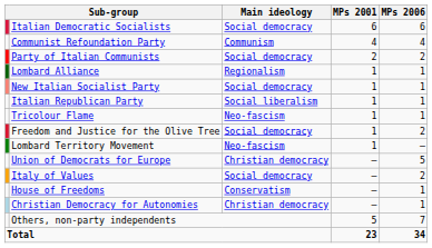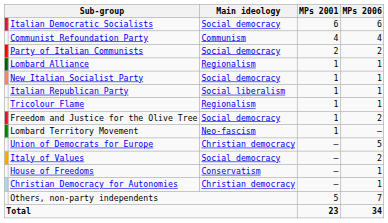 <table class="wikitable" style="font-size:100%">
 <tr>
 <th colspan=2>Sub-group</th>
 <th>Main ideology</th>
 <th>MPs 2001</th>
 <th>MPs 2006</th>
 </tr>
 <tr>
 <td bgcolor="#DC143C"></td>
 <td><a href='#'>Italian Democratic Socialists</a></td>
 <td><a href='#'>Social democracy</a></td>
 <td align=right>6</td>
 <td align=right>6</td>
 </tr>
 <tr>
 <td></td>
 <td><a href='#'>Communist Refoundation Party</a></td>
 <td><a href='#'>Communism</a></td>
 <td align=right>4</td>
 <td align=right>4</td>
 </tr>
 <tr>
 <td bgcolor="red"></td>
 <td><a href='#'>Party of Italian Communists</a></td>
 <td><a href='#'>Social democracy</a></td>
 <td align=right>2</td>
 <td align=right>2</td>
 </tr>
 <tr>
 <td bgcolor="#006000"></td>
 <td><a href='#'>Lombard Alliance</a></td>
 <td><a href='#'>Regionalism</a></td>
 <td align=right>1</td>
 <td align=right>1</td>
 </tr>
 <tr>
 <td bgcolor="salmon"></td>
 <td><a href='#'>New Italian Socialist Party</a></td>
 <td><a href='#'>Social democracy</a></td>
 <td align=right>1</td>
 <td align=right>1</td>
 </tr>
 <tr>
 <td></td>
 <td><a href='#'>Italian Republican Party</a></td>
 <td><a href='#'>Social liberalism</a></td>
 <td align=right>1</td>
 <td align=right>1</td>
 </tr>
 <tr>
 <td></td>
 <td><a href='#'>Tricolour Flame</a></td>
-<td><a href='#'>Neo-fascism</a></td>
+<td><a href='#'>Regionalism</a></td>
 <td align=right>1</td>
 <td align=right>1</td>
 </tr>
 <tr>
 <td bgcolor="#DC142F"></td>
 <td>Freedom and Justice for the Olive Tree</td>
 <td><a href='#'>Social democracy</a></td>
 <td align=right>1</td>
 <td align=right>2</td>
 </tr>
 <tr>
 <td bgcolor="#008000"></td>
 <td>Lombard Territory Movement</td>
 <td><a href='#'>Neo-fascism</a></td>
 <td align=right>1</td>
 <td align=right>–</td>
 </tr>
 <tr>
 <td></td>
 <td><a href='#'>Union of Democrats for Europe</a></td>
 <td><a href='#'>Christian democracy</a></td>
 <td align=right>–</td>
 <td align=right>5</td>
 </tr>
 <tr>
 <td bgcolor="orange"></td>
 <td><a href='#'>Italy of Values</a></td>
 <td><a href='#'>Social democracy</a></td>
 <td align=right>–</td>
 <td align=right>2</td>
 </tr>
 <tr>
 <td></td>
 <td><a href='#'>House of Freedoms</a></td>
 <td><a href='#'>Conservatism</a></td>
 <td align=right>–</td>
 <td align=right>1</td>
 </tr>
 <tr>
 <td bgcolor="lightblue"></td>
 <td><a href='#'>Christian Democracy for Autonomies</a></td>
 <td><a href='#'>Christian democracy</a></td>
 <td align=right>–</td>
 <td align=right>1</td>
 </tr>
 <tr>
 <td></td>
 <td colspan=2>Others, non-party independents</td>
 <td align=right>5</td>
 <td align=right>7</td>
 </tr>
 <tr>
 <td colspan=3><strong>Total</strong></td>
 <td align=right><strong>23</strong></td>
 <td align=right><strong>34</strong></td>
 </tr>
 </table>
